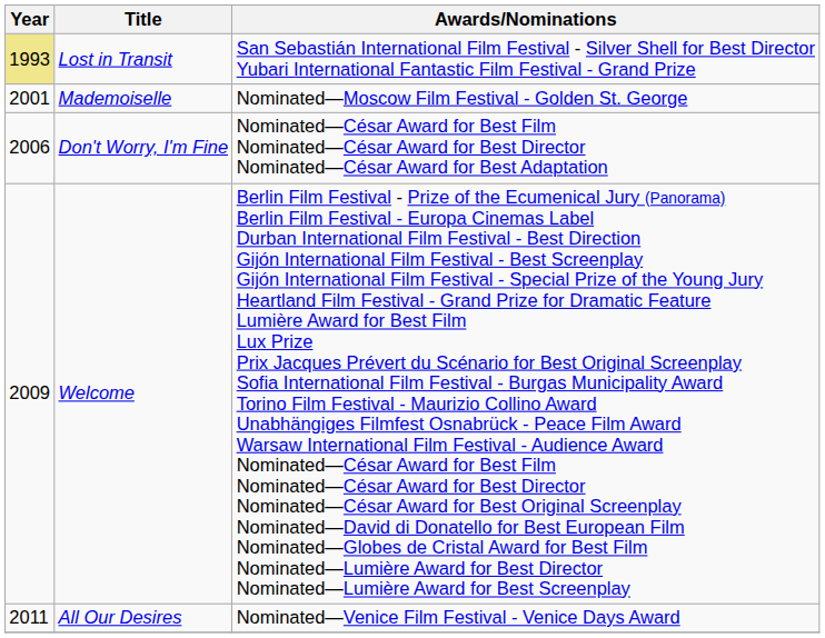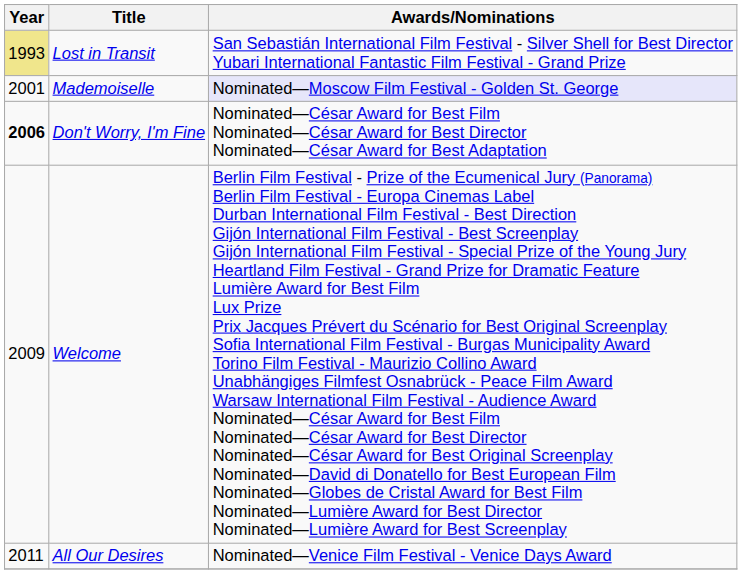 <table class="wikitable">
 <tr>
 <th>Year</th>
 <th>Title</th>
 <th>Awards/Nominations</th>
 </tr>
 <tr>
 <td style="background: khaki;">1993</td>
 <td><em><a href='#'>Lost in Transit</a></em></td>
 <td><a href='#'>San Sebastián International Film Festival</a> - <a href='#'>Silver Shell for Best Director</a><br><a href='#'>Yubari International Fantastic Film Festival - Grand Prize</a></td>
 </tr>
 <tr>
 <td>2001</td>
 <td><em><a href='#'>Mademoiselle</a></em></td>
-<td>Nominated—<a href='#'>Moscow Film Festival - Golden St. George</a></td>
+<td style="background: lavender;">Nominated—<a href='#'>Moscow Film Festival - Golden St. George</a></td>
 </tr>
 <tr>
-<td>2006</td>
+<td><strong>2006</strong></td>
 <td><em><a href='#'>Don't Worry, I'm Fine</a></em></td>
 <td>Nominated—<a href='#'>César Award for Best Film</a><br>Nominated—<a href='#'>César Award for Best Director</a><br>Nominated—<a href='#'>César Award for Best Adaptation</a></td>
 </tr>
 <tr>
 <td>2009</td>
 <td><em><a href='#'>Welcome</a></em></td>
 <td><a href='#'>Berlin Film Festival</a> - <a href='#'>Prize of the Ecumenical Jury <small>(Panorama)</small></a><br><a href='#'>Berlin Film Festival - Europa Cinemas Label</a><br><a href='#'>Durban International Film Festival - Best Direction</a><br><a href='#'>Gijón International Film Festival - Best Screenplay</a><br><a href='#'>Gijón International Film Festival - Special Prize of the Young Jury</a><br><a href='#'>Heartland Film Festival - Grand Prize for Dramatic Feature</a><br><a href='#'>Lumière Award for Best Film</a><br><a href='#'>Lux Prize</a><br><a href='#'>Prix Jacques Prévert du Scénario for Best Original Screenplay</a><br><a href='#'>Sofia International Film Festival - Burgas Municipality Award</a><br><a href='#'>Torino Film Festival - Maurizio Collino Award</a><br><a href='#'>Unabhängiges Filmfest Osnabrück - Peace Film Award</a><br><a href='#'>Warsaw International Film Festival - Audience Award</a><br>Nominated—<a href='#'>César Award for Best Film</a><br>Nominated—<a href='#'>César Award for Best Director</a><br>Nominated—<a href='#'>César Award for Best Original Screenplay</a><br>Nominated—<a href='#'>David di Donatello for Best European Film</a><br>Nominated—<a href='#'>Globes de Cristal Award for Best Film</a><br>Nominated—<a href='#'>Lumière Award for Best Director</a><br>Nominated—<a href='#'>Lumière Award for Best Screenplay</a></td>
 </tr>
 <tr>
 <td>2011</td>
 <td><em><a href='#'>All Our Desires</a></em></td>
 <td>Nominated—<a href='#'>Venice Film Festival - Venice Days Award</a></td>
 </tr>
 <tr>
 </tr>
 </table>
